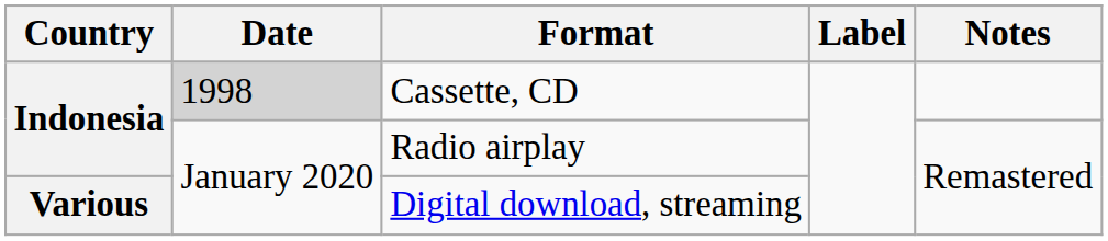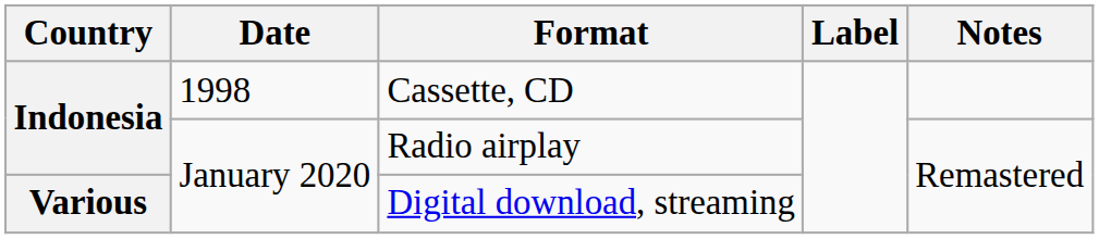 <table class="wikitable unsortable plainrowheaders">
 <tr>
 <th>Country</th>
 <th>Date</th>
 <th>Format</th>
 <th>Label</th>
 <th>Notes</th>
 </tr>
 <tr>
 <th scope="row" rowspan="2">Indonesia</th>
-<td style="background: lightgrey;">1998</td>
+<td>1998</td>
 <td>Cassette, CD</td>
 <td rowspan="3"></td>
 <td></td>
 </tr>
 <tr>
 <td rowspan="2">January 2020</td>
 <td>Radio airplay</td>
 <td rowspan="2">Remastered</td>
 </tr>
 <tr>
 <th scope="row">Various</th>
 <td><a href='#'>Digital download</a>, streaming</td>
 </tr>
 </table>
